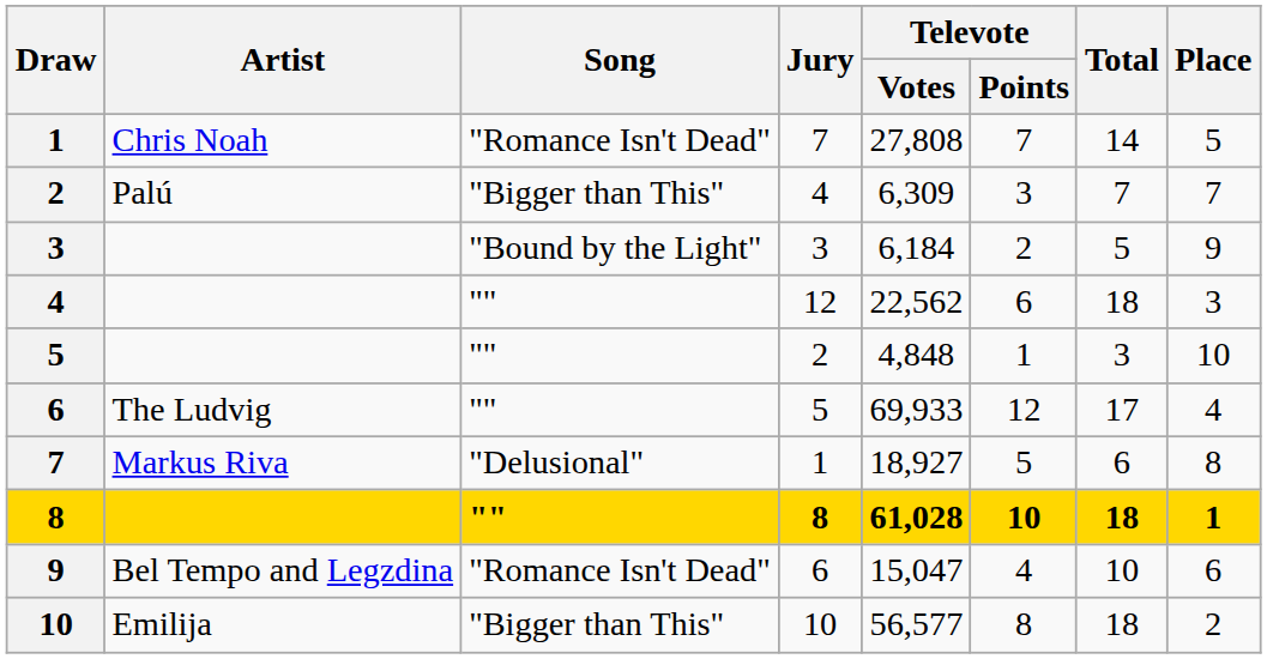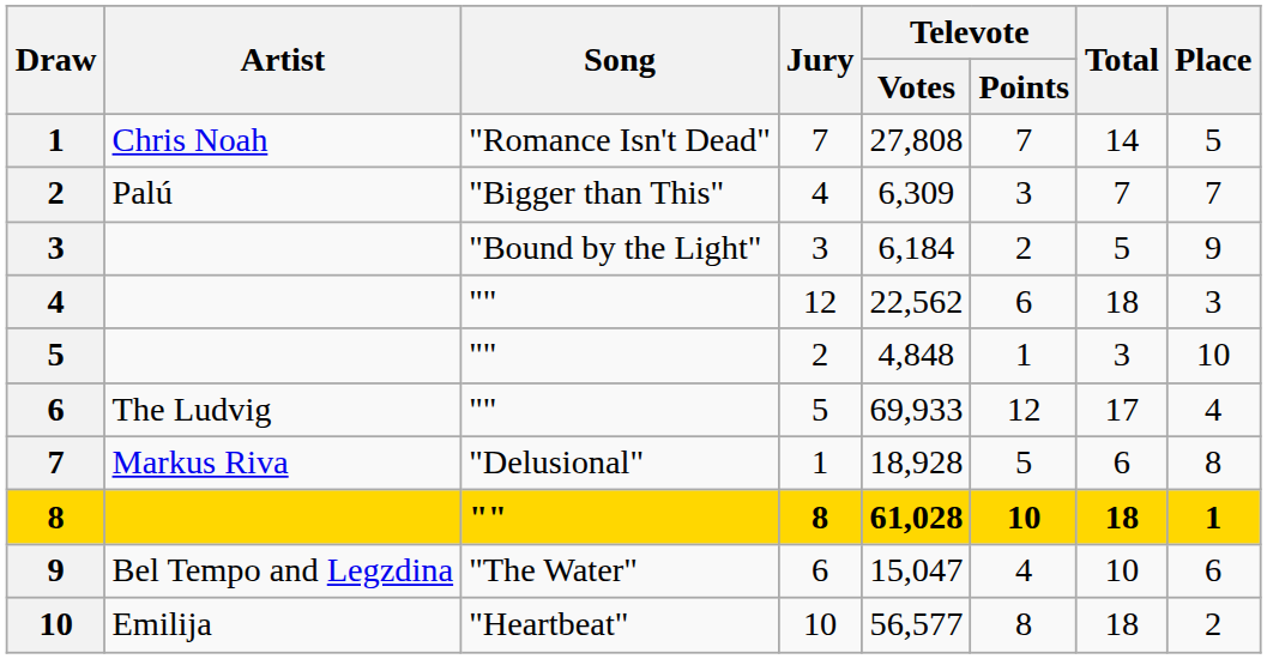 <table class="sortable wikitable plainrowheaders" style="margin: 1em auto 1em auto; text-align:center">
 <tr>
 <th rowspan="2">Draw</th>
 <th rowspan="2">Artist</th>
 <th rowspan="2">Song</th>
 <th rowspan="2">Jury</th>
 <th colspan="2">Televote</th>
 <th rowspan="2">Total</th>
 <th rowspan="2">Place</th>
 </tr>
 <tr>
 <th>Votes</th>
 <th>Points</th>
 </tr>
 <tr>
 <th scope="row" style="text-align:center; ">1</th>
 <td align="left"><a href='#'>Chris Noah</a></td>
 <td align="left">"Romance Isn't Dead"</td>
 <td>7</td>
 <td>27,808</td>
 <td>7</td>
 <td>14</td>
 <td>5</td>
 </tr>
 <tr>
 <th scope="row" style="text-align:center; ">2</th>
 <td align="left">Palú</td>
 <td align="left">"Bigger than This"</td>
 <td>4</td>
 <td>6,309</td>
 <td>3</td>
 <td>7</td>
 <td>7</td>
 </tr>
 <tr>
 <th scope="row" style="text-align:center; ">3</th>
 <td align="left"></td>
 <td align="left">"Bound by the Light"</td>
 <td>3</td>
 <td>6,184</td>
 <td>2</td>
 <td>5</td>
 <td>9</td>
 </tr>
 <tr>
 <th scope="row" style="text-align:center; ">4</th>
 <td align="left"></td>
 <td align="left">""</td>
 <td>12</td>
 <td>22,562</td>
 <td>6</td>
 <td>18</td>
 <td>3</td>
 </tr>
 <tr>
 <th scope="row" style="text-align:center; ">5</th>
 <td align="left"></td>
 <td align="left">""</td>
 <td>2</td>
 <td>4,848</td>
 <td>1</td>
 <td>3</td>
 <td>10</td>
 </tr>
 <tr>
 <th scope="row" style="text-align:center; ">6</th>
 <td align="left">The Ludvig</td>
 <td align="left">""</td>
 <td>5</td>
 <td>69,933</td>
 <td>12</td>
 <td>17</td>
 <td>4</td>
 </tr>
 <tr>
 <th scope="row" style="text-align:center; ">7</th>
 <td align="left"><a href='#'>Markus Riva</a></td>
 <td align="left">"Delusional"</td>
 <td>1</td>
-<td>18,927</td>
+<td>18,928</td>
 <td>5</td>
 <td>6</td>
 <td>8</td>
 </tr>
 <tr style="font-weight: bold; background: gold;">
 <th scope="row" style="text-align:center; font-weight:bold; background:gold">8</th>
 <td align="left"></td>
 <td align="left">""</td>
 <td>8</td>
 <td>61,028</td>
 <td>10</td>
 <td>18</td>
 <td>1</td>
 </tr>
 <tr>
 <th scope="row" style="text-align:center; ">9</th>
 <td align="left">Bel Tempo and <a href='#'>Legzdina</a></td>
-<td align="left">"Romance Isn't Dead"</td>
+<td align="left">"The Water"</td>
 <td>6</td>
 <td>15,047</td>
 <td>4</td>
 <td>10</td>
 <td>6</td>
 </tr>
 <tr>
 <th scope="row" style="text-align:center; ">10</th>
 <td align="left">Emilija</td>
-<td align="left">"Bigger than This"</td>
+<td align="left">"Heartbeat"</td>
 <td>10</td>
 <td>56,577</td>
 <td>8</td>
 <td>18</td>
 <td>2</td>
 </tr>
 </table>
